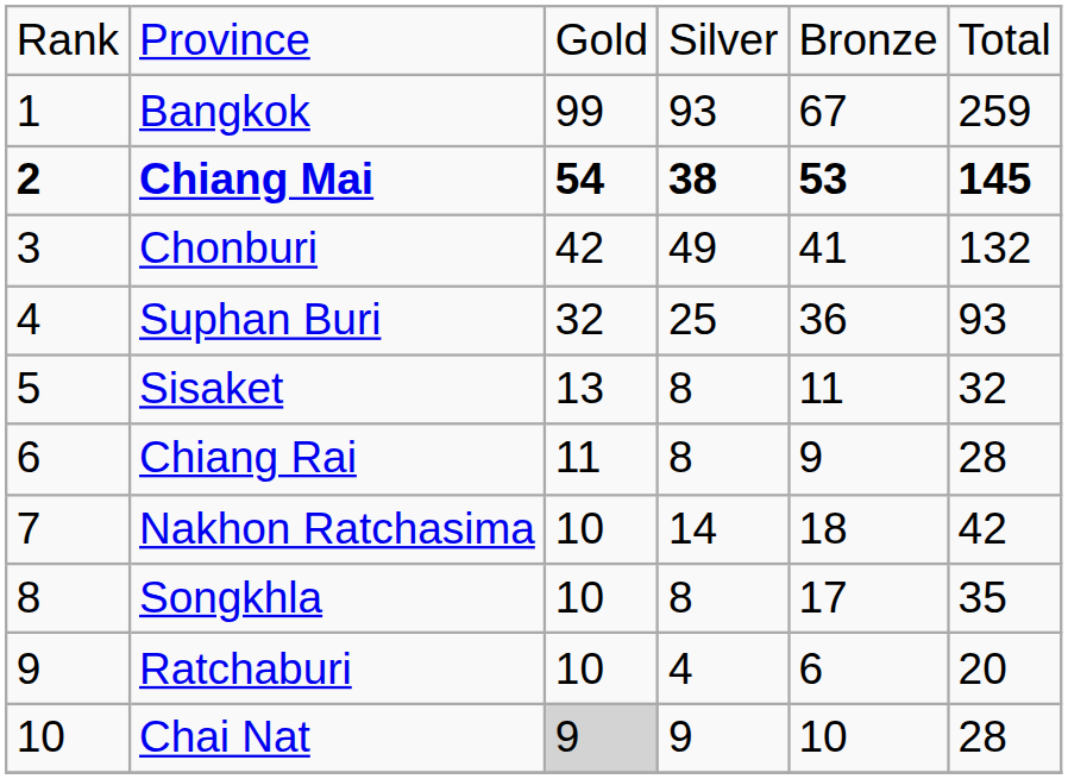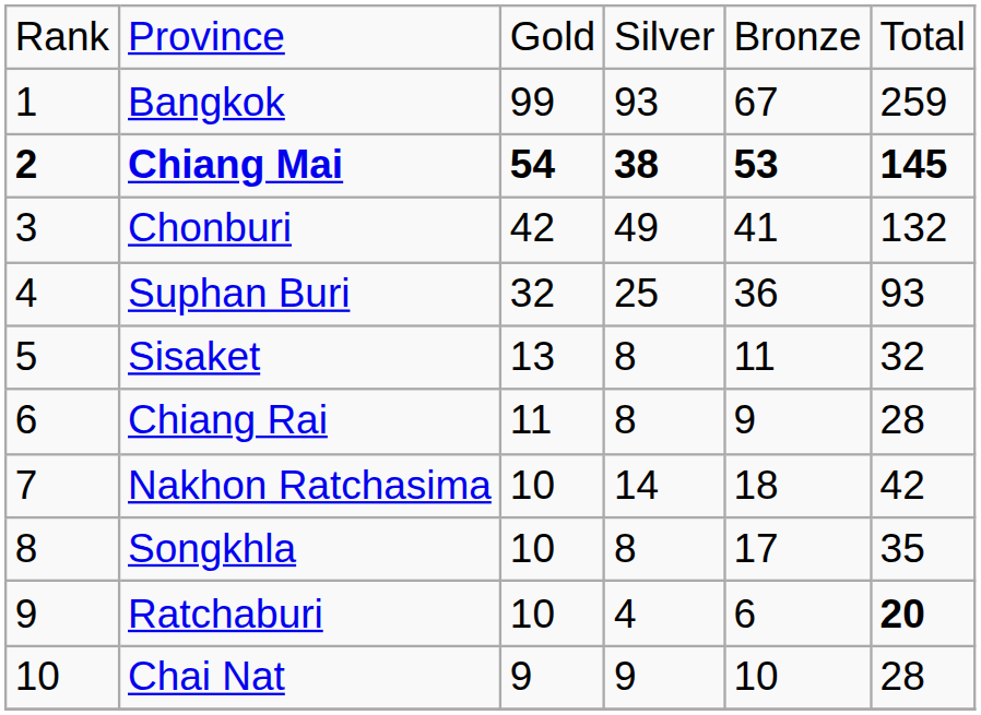 <table class="wikitable">
 <tr>
 <td>Rank</td>
 <td><a href='#'>Province</a></td>
 <td>Gold</td>
 <td>Silver</td>
 <td>Bronze</td>
 <td>Total</td>
 </tr>
 <tr>
 <td>1</td>
 <td><a href='#'>Bangkok</a></td>
 <td>99</td>
 <td>93</td>
 <td>67</td>
 <td>259</td>
 </tr>
 <tr>
 <td><strong>2</strong></td>
 <td><strong><a href='#'>Chiang Mai</a></strong></td>
 <td><strong>54</strong></td>
 <td><strong>38</strong></td>
 <td><strong>53</strong></td>
 <td><strong>145</strong></td>
 </tr>
 <tr>
 <td>3</td>
 <td><a href='#'>Chonburi</a></td>
 <td>42</td>
 <td>49</td>
 <td>41</td>
 <td>132</td>
 </tr>
 <tr>
 <td>4</td>
 <td><a href='#'>Suphan Buri</a></td>
 <td>32</td>
 <td>25</td>
 <td>36</td>
 <td>93</td>
 </tr>
 <tr>
 <td>5</td>
 <td><a href='#'>Sisaket</a></td>
 <td>13</td>
 <td>8</td>
 <td>11</td>
 <td>32</td>
 </tr>
 <tr>
 <td>6</td>
 <td><a href='#'>Chiang Rai</a></td>
 <td>11</td>
 <td>8</td>
 <td>9</td>
 <td>28</td>
 </tr>
 <tr>
 <td>7</td>
 <td><a href='#'>Nakhon Ratchasima</a></td>
 <td>10</td>
 <td>14</td>
 <td>18</td>
 <td>42</td>
 </tr>
 <tr>
 <td>8</td>
 <td><a href='#'>Songkhla</a></td>
 <td>10</td>
 <td>8</td>
 <td>17</td>
 <td>35</td>
 </tr>
 <tr>
 <td>9</td>
 <td><a href='#'>Ratchaburi</a></td>
 <td>10</td>
 <td>4</td>
 <td>6</td>
-<td>20</td>
+<td><strong>20</strong></td>
 </tr>
 <tr>
 <td>10</td>
 <td><a href='#'>Chai Nat</a></td>
-<td style="background: lightgrey;">9</td>
+<td>9</td>
 <td>9</td>
 <td>10</td>
 <td>28</td>
 </tr>
 <tr>
 </tr>
 </table>
